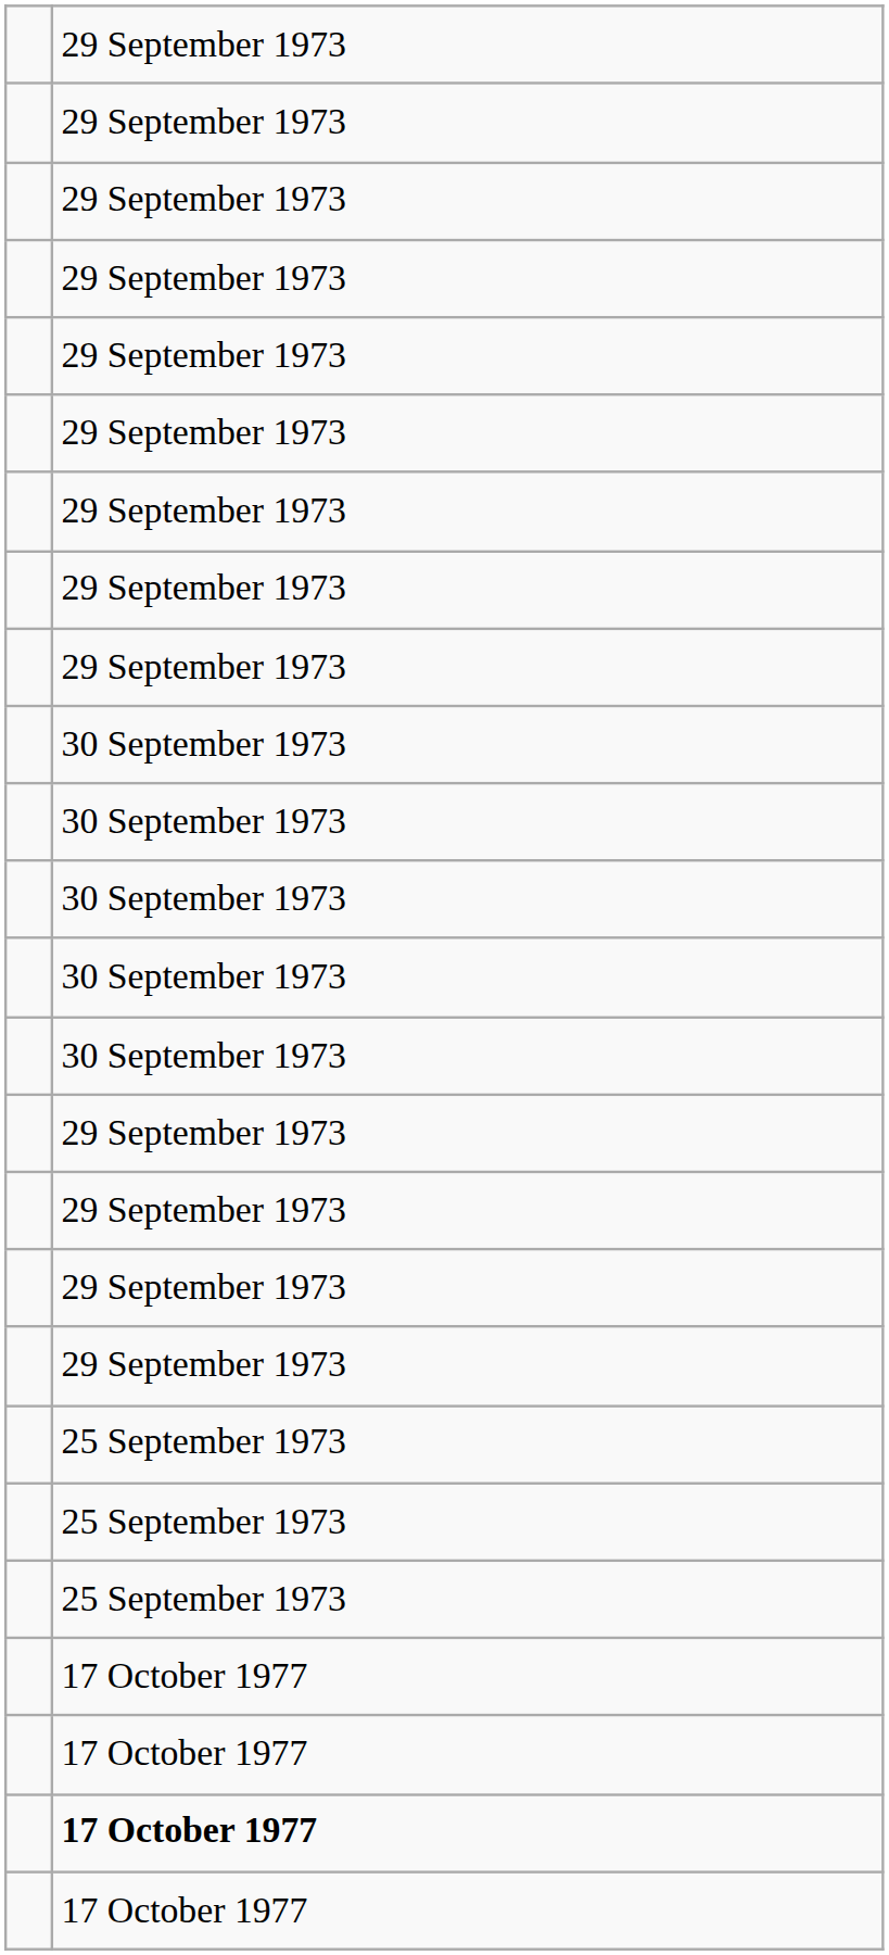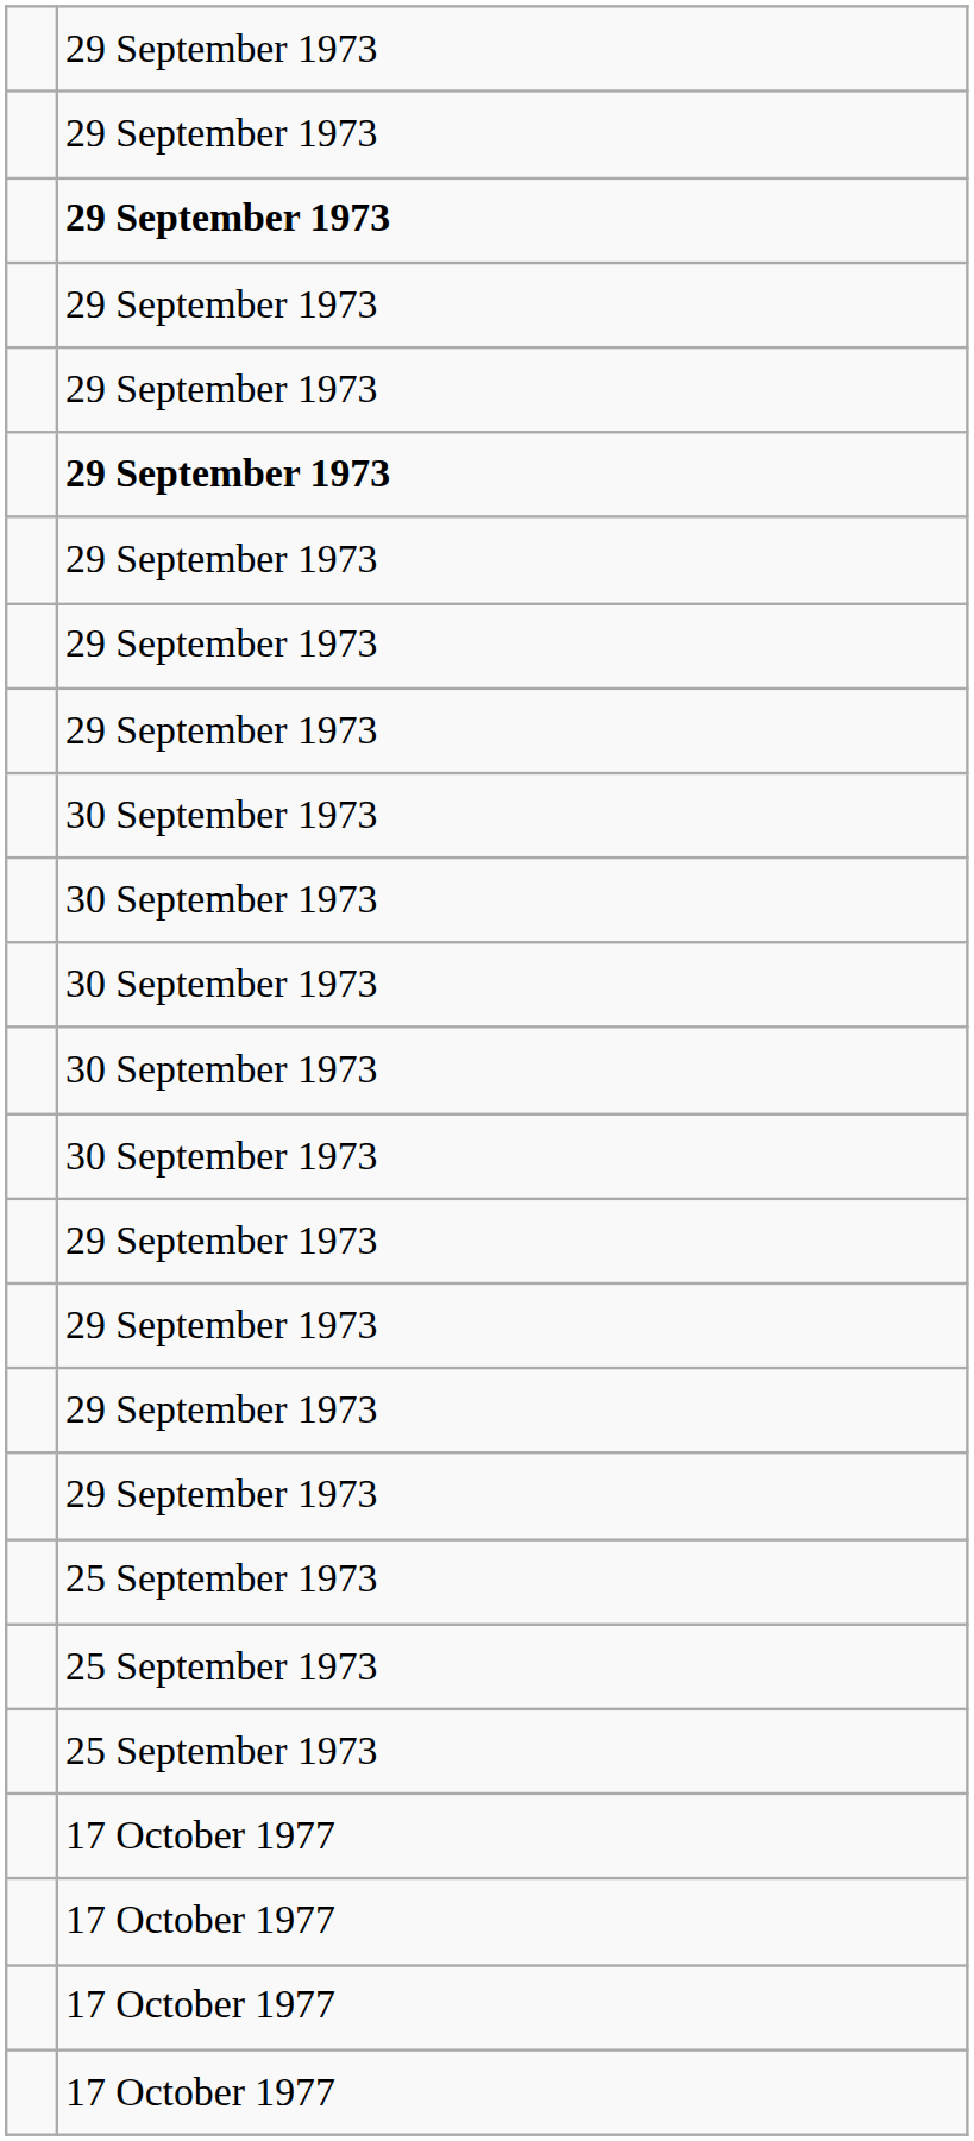 <table class="wikitable" style="font-size: 89%; float: left; width: 24em; margin-right: 1em; line-height: 1.65em">
 <tr>
 <td></td>
 <td>29 September 1973</td>
 </tr>
 <tr>
 <td></td>
 <td>29 September 1973</td>
 </tr>
 <tr>
 <td></td>
-<td>29 September 1973</td>
+<td><strong>29 September 1973</strong></td>
 </tr>
 <tr>
 <td></td>
 <td>29 September 1973</td>
 </tr>
 <tr>
 <td></td>
 <td>29 September 1973</td>
 </tr>
 <tr>
 <td></td>
-<td>29 September 1973</td>
+<td><strong>29 September 1973</strong></td>
 </tr>
 <tr>
 <td></td>
 <td>29 September 1973</td>
 </tr>
 <tr>
 <td></td>
 <td>29 September 1973</td>
 </tr>
 <tr>
 <td></td>
 <td>29 September 1973</td>
 </tr>
 <tr>
 <td></td>
 <td>30 September 1973</td>
 </tr>
 <tr>
 <td></td>
 <td>30 September 1973</td>
 </tr>
 <tr>
 <td></td>
 <td>30 September 1973</td>
 </tr>
 <tr>
 <td></td>
 <td>30 September 1973</td>
 </tr>
 <tr>
 <td></td>
 <td>30 September 1973</td>
 </tr>
 <tr>
 <td></td>
 <td>29 September 1973</td>
 </tr>
 <tr>
 <td></td>
 <td>29 September 1973</td>
 </tr>
 <tr>
 <td></td>
 <td>29 September 1973</td>
 </tr>
 <tr>
 <td></td>
 <td>29 September 1973</td>
 </tr>
 <tr>
 <td></td>
 <td>25 September 1973</td>
 </tr>
 <tr>
 <td></td>
 <td>25 September 1973</td>
 </tr>
 <tr>
 <td></td>
 <td>25 September 1973</td>
 </tr>
 <tr>
 <td></td>
 <td>17 October 1977</td>
 </tr>
 <tr>
 <td></td>
 <td>17 October 1977</td>
 </tr>
 <tr>
 <td></td>
-<td><strong>17 October 1977</strong></td>
+<td>17 October 1977</td>
 </tr>
 <tr>
 <td></td>
 <td>17 October 1977</td>
 </tr>
 </table>
